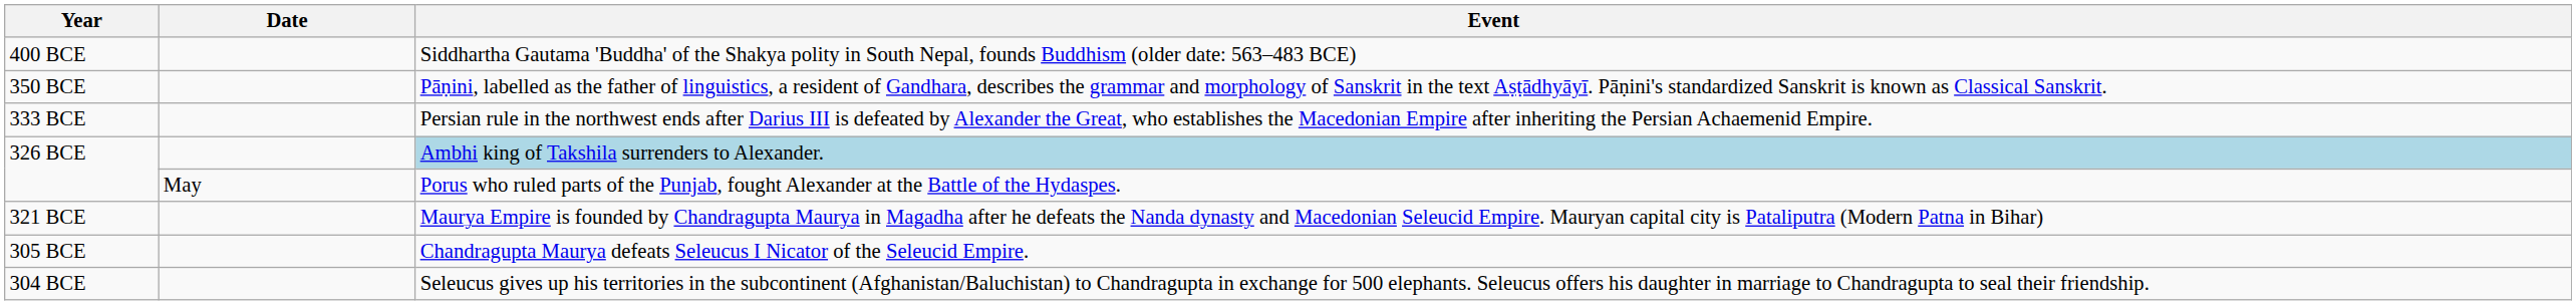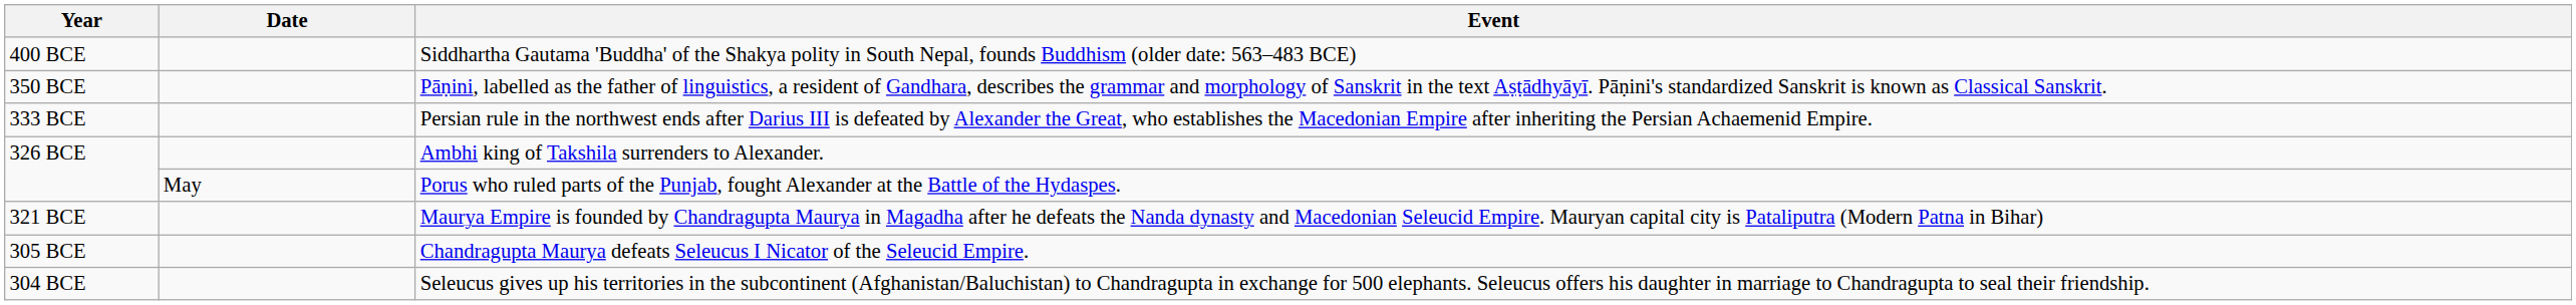 <table class="wikitable" style="width:100%">
 <tr>
 <th style="width:6%">Year</th>
 <th style="width:10%">Date</th>
 <th>Event</th>
 </tr>
 <tr>
 <td>400 BCE</td>
 <td></td>
 <td>Siddhartha Gautama 'Buddha' of the Shakya polity in South Nepal, founds <a href='#'>Buddhism</a> (older date: 563–483 BCE)</td>
 </tr>
 <tr>
 <td>350 BCE</td>
 <td></td>
 <td><a href='#'>Pāṇini</a>, labelled as the father of <a href='#'>linguistics</a>, a resident of <a href='#'>Gandhara</a>, describes the <a href='#'>grammar</a> and <a href='#'>morphology</a> of <a href='#'>Sanskrit</a> in the text <a href='#'>Aṣṭādhyāyī</a>. Pāṇini's standardized Sanskrit is known as <a href='#'>Classical Sanskrit</a>.</td>
 </tr>
 <tr>
 <td>333 BCE</td>
 <td></td>
 <td>Persian rule in the northwest ends after <a href='#'>Darius III</a> is defeated by <a href='#'>Alexander the Great</a>, who establishes the <a href='#'>Macedonian Empire</a> after inheriting the Persian Achaemenid Empire.</td>
 </tr>
 <tr>
 <td rowspan="2" style="vertical-align:top;">326 BCE</td>
 <td></td>
-<td style="background: lightblue;"><a href='#'>Ambhi</a> king of <a href='#'>Takshila</a> surrenders to Alexander.</td>
+<td><a href='#'>Ambhi</a> king of <a href='#'>Takshila</a> surrenders to Alexander.</td>
 </tr>
 <tr>
 <td>May</td>
 <td><a href='#'>Porus</a> who ruled parts of the <a href='#'>Punjab</a>, fought Alexander at the <a href='#'>Battle of the Hydaspes</a>.</td>
 </tr>
 <tr>
 <td>321 BCE</td>
 <td></td>
 <td><a href='#'>Maurya Empire</a> is founded by <a href='#'>Chandragupta Maurya</a> in <a href='#'>Magadha</a> after he defeats the <a href='#'>Nanda dynasty</a> and <a href='#'>Macedonian</a> <a href='#'>Seleucid Empire</a>. Mauryan capital city is <a href='#'>Pataliputra</a> (Modern <a href='#'>Patna</a> in Bihar)</td>
 </tr>
 <tr>
 <td>305 BCE</td>
 <td></td>
 <td><a href='#'>Chandragupta Maurya</a> defeats <a href='#'>Seleucus I Nicator</a> of the <a href='#'>Seleucid Empire</a>.</td>
 </tr>
 <tr>
 <td>304 BCE</td>
 <td></td>
 <td>Seleucus gives up his territories in the subcontinent (Afghanistan/Baluchistan) to Chandragupta in exchange for 500 elephants. Seleucus offers his daughter in marriage to Chandragupta to seal their friendship.</td>
 </tr>
 </table>
